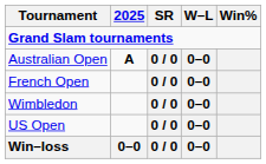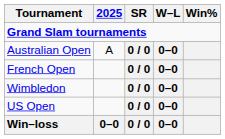 <table class=wikitable style=text-align:center>
 <tr>
 <th>Tournament</th>
 <th><a href='#'>2025</a></th>
 <th>SR</th>
 <th>W–L</th>
 <th>Win%</th>
 </tr>
 <tr>
 <td colspan="11" style="text-align:left"><strong><a href='#'>Grand Slam tournaments</a></strong></td>
 </tr>
 <tr>
 <td align=left><a href='#'>Australian Open</a></td>
-<td><strong>A</strong></td>
+<td>A</td>
 <th>0 / 0</th>
 <th>0–0</th>
 <th></th>
 </tr>
 <tr>
 <td align=left><a href='#'>French Open</a></td>
 <td></td>
 <th>0 / 0</th>
 <th>0–0</th>
 <th></th>
 </tr>
 <tr>
 <td align=left><a href='#'>Wimbledon</a></td>
 <td></td>
 <th>0 / 0</th>
 <th>0–0</th>
 <th></th>
 </tr>
 <tr>
 <td align=left><a href='#'>US Open</a></td>
 <td></td>
 <th>0 / 0</th>
 <th>0–0</th>
 <th></th>
 </tr>
 <tr>
 <th style=text-align:left>Win–loss</th>
 <th>0–0</th>
 <th>0 / 0</th>
 <th>0–0</th>
 <th></th>
 </tr>
 </table>
